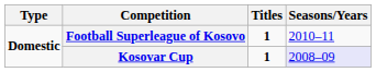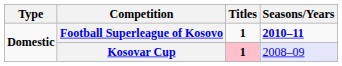 <table class="wikitable plainrowheaders">
 <tr>
 <th scope=col>Type</th>
 <th scope=col>Competition</th>
 <th scope=col>Titles</th>
 <th scope=col>Seasons/Years</th>
 </tr>
 <tr>
 <td rowspan="3"><strong>Domestic</strong></td>
 <th scope=col><a href='#'>Football Superleague of Kosovo</a></th>
 <td align="center"><strong>1</strong></td>
-<td><a href='#'>2010–11</a></td>
+<td><strong><a href='#'>2010–11</a></strong></td>
 </tr>
 <tr>
 <th scope=col><a href='#'>Kosovar Cup</a></th>
-<td align="center"><strong>1</strong></td>
+<td align="center" style="background: pink;"><strong>1</strong></td>
 <td style="background: lavender;"><a href='#'>2008–09</a></td>
 </tr>
 </table>
